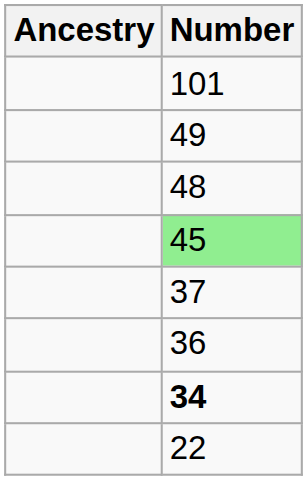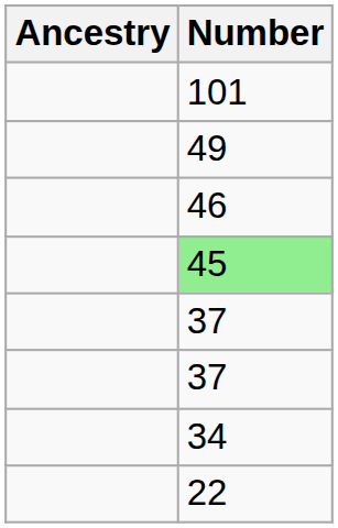 <table style="float: right; margin: 0 0 0 2em;" class="wikitable sortable">
 <tr>
 <th>Ancestry</th>
 <th>Number</th>
 </tr>
 <tr>
 <td></td>
 <td>101</td>
 </tr>
 <tr>
 <td></td>
 <td>49</td>
 </tr>
 <tr>
 <td></td>
-<td>48</td>
+<td>46</td>
 </tr>
 <tr>
 <td></td>
 <td style="background: lightgreen;">45</td>
 </tr>
 <tr>
 <td></td>
 <td>37</td>
 </tr>
 <tr>
 <td></td>
-<td>36</td>
+<td>37</td>
 </tr>
 <tr>
 <td></td>
-<td><strong>34</strong></td>
+<td>34</td>
 </tr>
 <tr>
 <td></td>
 <td>22</td>
 </tr>
 </table>
